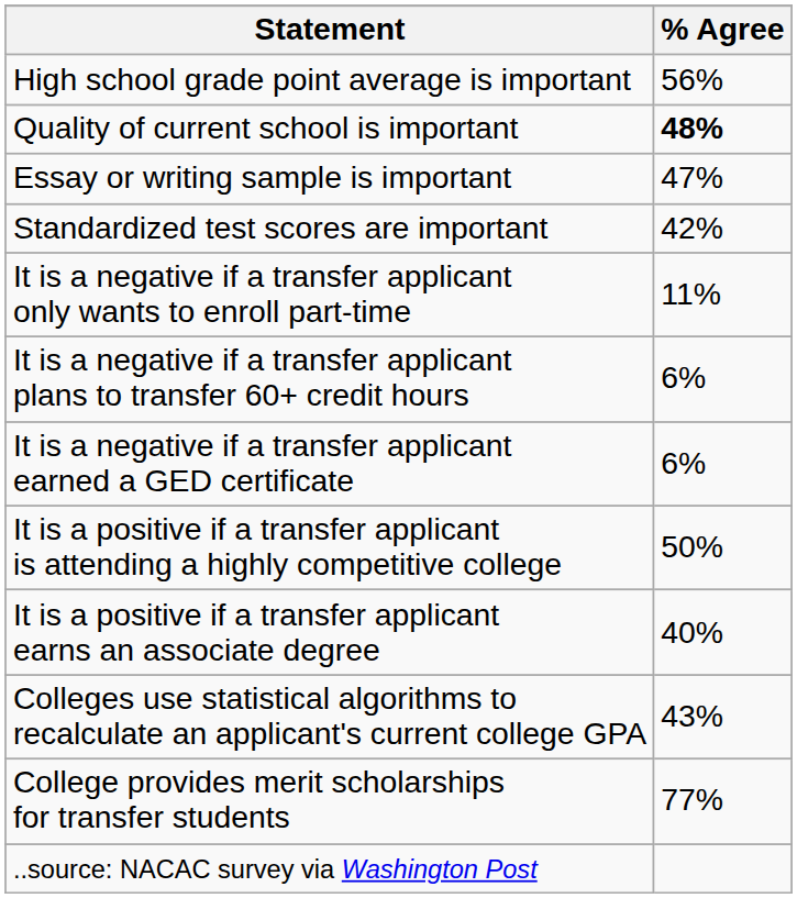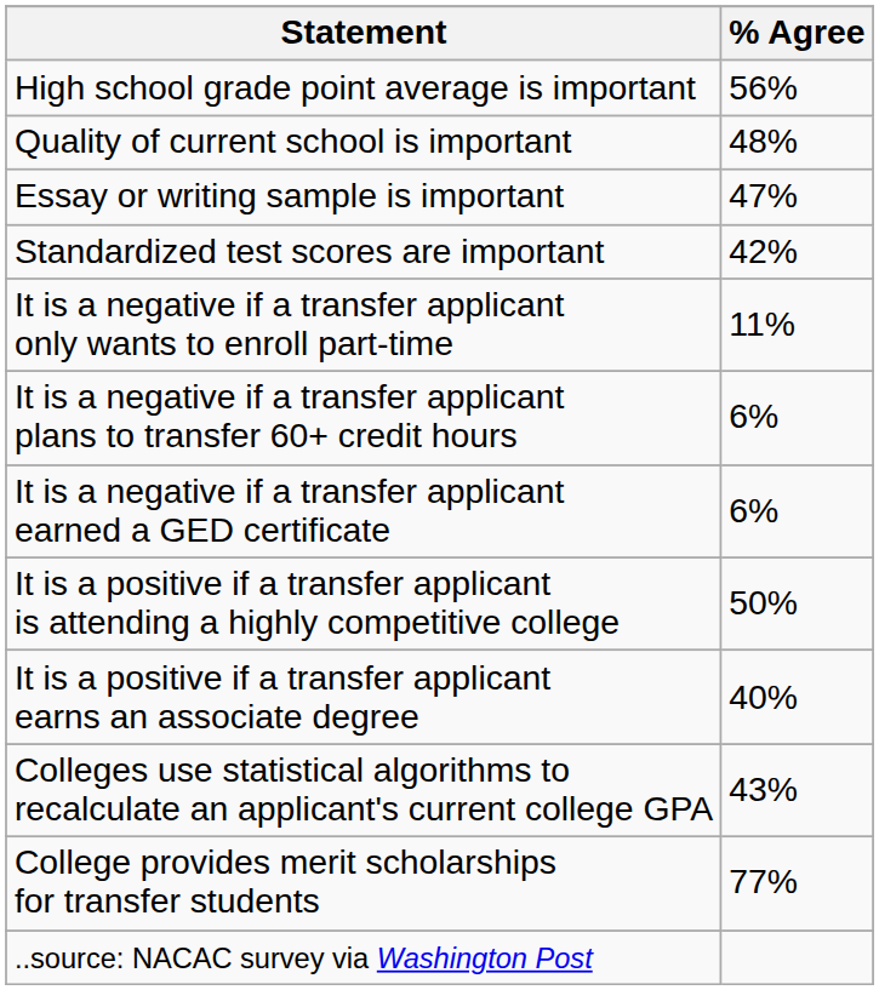 <table class="wikitable" style="float:right;">
 <tr>
 </tr>
 <tr>
 <th>Statement</th>
 <th>% Agree</th>
 </tr>
 <tr>
 <td>High school grade point average is important</td>
 <td>56%</td>
 </tr>
 <tr>
 <td>Quality of current school is important</td>
-<td><strong>48%</strong></td>
+<td>48%</td>
 </tr>
 <tr>
 <td>Essay or writing sample is important</td>
 <td>47%</td>
 </tr>
 <tr>
 <td>Standardized test scores are important</td>
 <td>42%</td>
 </tr>
 <tr>
 <td>It is a negative if a transfer applicant<br>only wants to enroll part-time</td>
 <td>11%</td>
 </tr>
 <tr>
 <td>It is a negative if a transfer applicant<br>plans to transfer 60+ credit hours</td>
 <td>6%</td>
 </tr>
 <tr>
 <td>It is a negative if a transfer applicant<br>earned a GED certificate</td>
 <td>6%</td>
 </tr>
 <tr>
 <td>It is a positive if a transfer applicant<br>is attending a highly competitive college</td>
 <td>50%</td>
 </tr>
 <tr>
 <td>It is a positive if a transfer applicant<br>earns an associate degree</td>
 <td>40%</td>
 </tr>
 <tr>
 <td>Colleges use statistical algorithms to<br>recalculate an applicant's current college GPA</td>
 <td>43%</td>
 </tr>
 <tr>
 <td>College provides merit scholarships<br>for transfer students</td>
 <td>77%</td>
 </tr>
 <tr>
 <td><small>..source: NACAC survey via <em><a href='#'>Washington Post</a></em></small></td>
 <td></td>
 </tr>
 </table>
